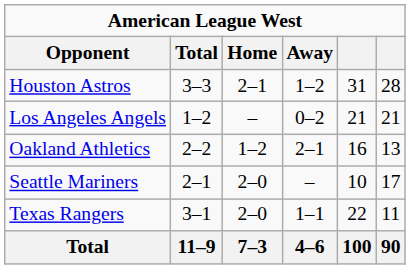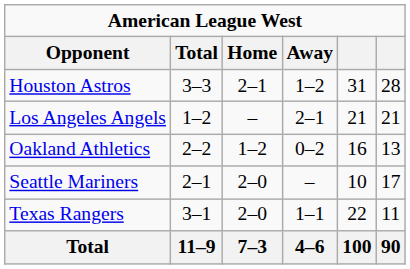 <table class="wikitable" style="font-size:85%; text-align:center;">
 <tr>
 <td colspan="7" style="text-align:center; "><span><strong>American League West</strong></span></td>
 </tr>
 <tr>
 <th>Opponent</th>
 <th>Total</th>
 <th>Home</th>
 <th>Away</th>
 <th></th>
 <th></th>
 </tr>
 <tr>
 <td style="text-align:left;"><a href='#'>Houston Astros</a></td>
 <td>3–3</td>
 <td>2–1</td>
 <td>1–2</td>
 <td>31</td>
 <td>28</td>
 </tr>
 <tr>
 <td style="text-align:left;"><a href='#'>Los Angeles Angels</a></td>
 <td>1–2</td>
 <td>–</td>
-<td>0–2</td>
+<td>2–1</td>
 <td>21</td>
 <td>21</td>
 </tr>
 <tr>
 <td style="text-align:left;"><a href='#'>Oakland Athletics</a></td>
 <td>2–2</td>
 <td>1–2</td>
-<td>2–1</td>
+<td>0–2</td>
 <td>16</td>
 <td>13</td>
 </tr>
 <tr>
 <td style="text-align:left;"><a href='#'>Seattle Mariners</a></td>
 <td>2–1</td>
 <td>2–0</td>
 <td>–</td>
 <td>10</td>
 <td>17</td>
 </tr>
 <tr>
 <td style="text-align:left;"><a href='#'>Texas Rangers</a></td>
 <td>3–1</td>
 <td>2–0</td>
 <td>1–1</td>
 <td>22</td>
 <td>11</td>
 </tr>
 <tr>
 <th>Total</th>
 <th>11–9</th>
 <th>7–3</th>
 <th>4–6</th>
 <th>100</th>
 <th>90</th>
 </tr>
 </table>
